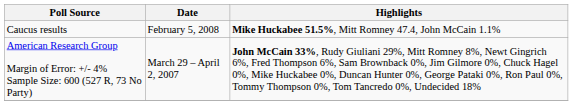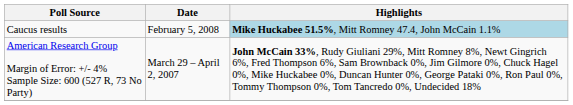 <table class="wikitable sortable">
 <tr>
 <th width="25%">Poll Source</th>
 <th width="15%">Date</th>
 <th width="60%">Highlights</th>
 </tr>
 <tr>
 <td>Caucus results</td>
 <td>February 5, 2008</td>
-<td><strong>Mike Huckabee 51.5%</strong>, Mitt Romney 47.4, John McCain 1.1%</td>
+<td style="background: lightblue;"><strong>Mike Huckabee 51.5%</strong>, Mitt Romney 47.4, John McCain 1.1%</td>
 </tr>
 <tr>
 <td><a href='#'>American Research Group</a><br><br>Margin of Error: +/- 4%<br> Sample Size: 600 (527 R, 73 No Party)</td>
 <td>March 29 – April 2, 2007</td>
 <td><strong>John McCain 33%</strong>, Rudy Giuliani 29%, Mitt Romney 8%, Newt Gingrich 6%, Fred Thompson 6%, Sam Brownback 0%, Jim Gilmore 0%, Chuck Hagel 0%, Mike Huckabee 0%, Duncan Hunter 0%, George Pataki 0%, Ron Paul 0%, Tommy Thompson 0%, Tom Tancredo 0%, Undecided 18%</td>
 </tr>
 <tr>
 </tr>
 </table>
